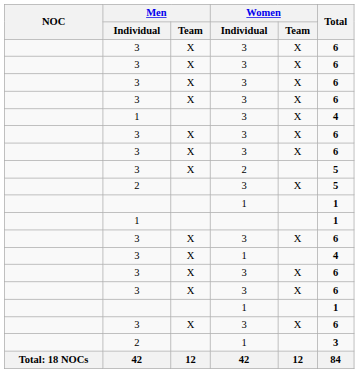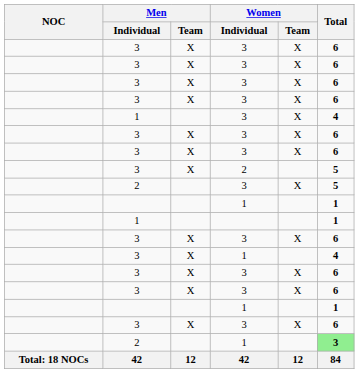 <table class="wikitable" width=480 style="text-align:center; font-size:90%">
 <tr>
 <th rowspan="2" align="center">NOC</th>
 <th colspan="2"><a href='#'>Men</a></th>
 <th colspan="2"><a href='#'>Women</a></th>
 <th rowspan="2">Total</th>
 </tr>
 <tr>
 <th>Individual</th>
 <th>Team</th>
 <th>Individual</th>
 <th>Team</th>
 </tr>
 <tr>
 <td style="text-align:left;"></td>
 <td>3</td>
 <td>X</td>
 <td>3</td>
 <td>X</td>
 <td><strong>6</strong></td>
 </tr>
 <tr>
 <td style="text-align:left;"></td>
 <td>3</td>
 <td>X</td>
 <td>3</td>
 <td>X</td>
 <td><strong>6</strong></td>
 </tr>
 <tr>
 <td style="text-align:left;"></td>
 <td>3</td>
 <td>X</td>
 <td>3</td>
 <td>X</td>
 <td><strong>6</strong></td>
 </tr>
 <tr>
 <td style="text-align:left;"></td>
 <td>3</td>
 <td>X</td>
 <td>3</td>
 <td>X</td>
 <td><strong>6</strong></td>
 </tr>
 <tr>
 <td style="text-align:left;"></td>
 <td>1</td>
 <td></td>
 <td>3</td>
 <td>X</td>
 <td><strong>4</strong></td>
 </tr>
 <tr>
 <td style="text-align:left;"></td>
 <td>3</td>
 <td>X</td>
 <td>3</td>
 <td>X</td>
 <td><strong>6</strong></td>
 </tr>
 <tr>
 <td style="text-align:left;"></td>
 <td>3</td>
 <td>X</td>
 <td>3</td>
 <td>X</td>
 <td><strong>6</strong></td>
 </tr>
 <tr>
 <td style="text-align:left;"></td>
 <td>3</td>
 <td>X</td>
 <td>2</td>
 <td></td>
 <td><strong>5</strong></td>
 </tr>
 <tr>
 <td style="text-align:left;"></td>
 <td>2</td>
 <td></td>
 <td>3</td>
 <td>X</td>
 <td><strong>5</strong></td>
 </tr>
 <tr>
 <td style="text-align:left;"></td>
 <td></td>
 <td></td>
 <td>1</td>
 <td></td>
 <td><strong>1</strong></td>
 </tr>
 <tr>
 <td style="text-align:left;"></td>
 <td>1</td>
 <td></td>
 <td></td>
 <td></td>
 <td><strong>1</strong></td>
 </tr>
 <tr>
 <td style="text-align:left;"></td>
 <td>3</td>
 <td>X</td>
 <td>3</td>
 <td>X</td>
 <td><strong>6</strong></td>
 </tr>
 <tr>
 <td style="text-align:left;"></td>
 <td>3</td>
 <td>X</td>
 <td>1</td>
 <td></td>
 <td><strong>4</strong></td>
 </tr>
 <tr>
 <td style="text-align:left;"></td>
 <td>3</td>
 <td>X</td>
 <td>3</td>
 <td>X</td>
 <td><strong>6</strong></td>
 </tr>
 <tr>
 <td style="text-align:left;"></td>
 <td>3</td>
 <td>X</td>
 <td>3</td>
 <td>X</td>
 <td><strong>6</strong></td>
 </tr>
 <tr>
 <td style="text-align:left;"></td>
 <td></td>
 <td></td>
 <td>1</td>
 <td></td>
 <td><strong>1</strong></td>
 </tr>
 <tr>
 <td style="text-align:left;"></td>
 <td>3</td>
 <td>X</td>
 <td>3</td>
 <td>X</td>
 <td><strong>6</strong></td>
 </tr>
 <tr>
 <td style="text-align:left;"></td>
 <td>2</td>
 <td></td>
 <td>1</td>
 <td></td>
-<td><strong>3</strong></td>
+<td style="background: lightgreen;"><strong>3</strong></td>
 </tr>
 <tr>
 <th>Total: 18 NOCs</th>
 <th>42</th>
 <th>12</th>
 <th>42</th>
 <th>12</th>
 <th>84</th>
 </tr>
 </table>
